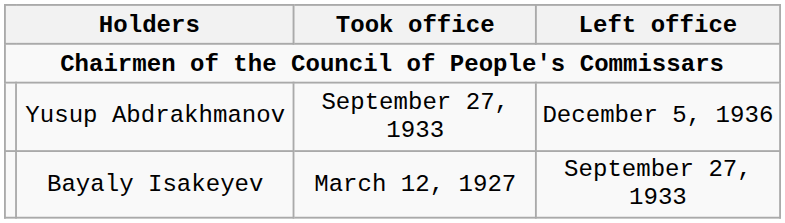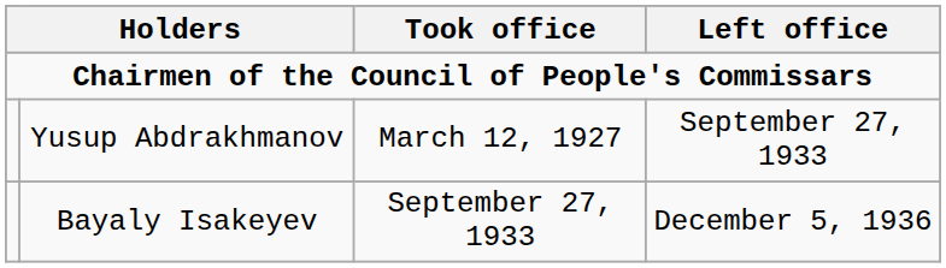 <table class="wikitable" style="text-align:center">
 <tr style="background:#cccccc">
 <th colspan="2" width="150">Holders</th>
 <th rowspan="1" width="125">Took office</th>
 <th rowspan="1" width="125">Left office</th>
 </tr>
 <tr>
 <td colspan="6" align=center><strong>Chairmen of the Council of People's Commissars</strong></td>
 </tr>
 <tr>
 <td rowspan="1" style="background-color: "></td>
 <td rowspan=1>Yusup Abdrakhmanov<br></td>
+<td rowspan=1>March 12, 1927<br></td>
 <td rowspan=1>September 27, 1933<br></td>
-<td rowspan=1>December 5, 1936<br></td>
 </tr>
 <tr>
 <td rowspan="1" style="background-color: "></td>
 <td rowspan=1>Bayaly Isakeyev<br></td>
-<td rowspan=1>March 12, 1927<br></td>
 <td rowspan=1>September 27, 1933<br></td>
+<td rowspan=1>December 5, 1936<br></td>
 </tr>
 </table>
